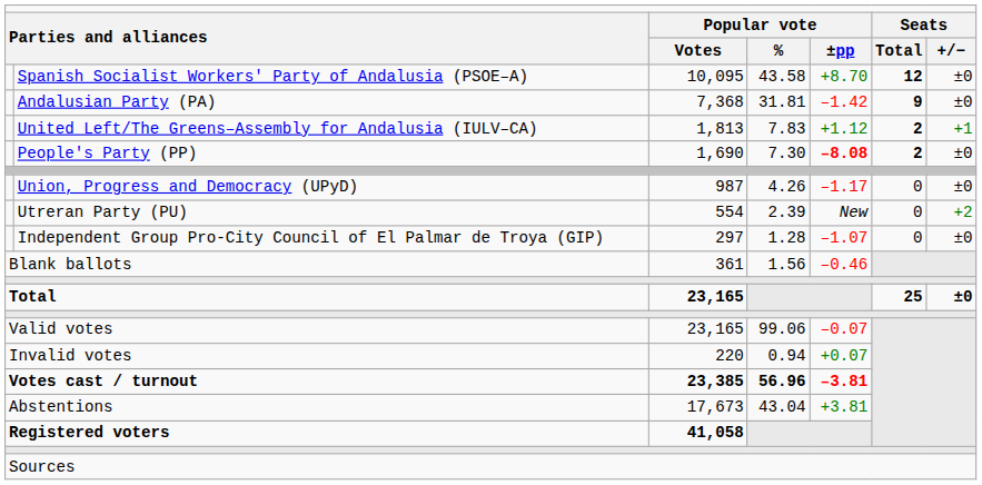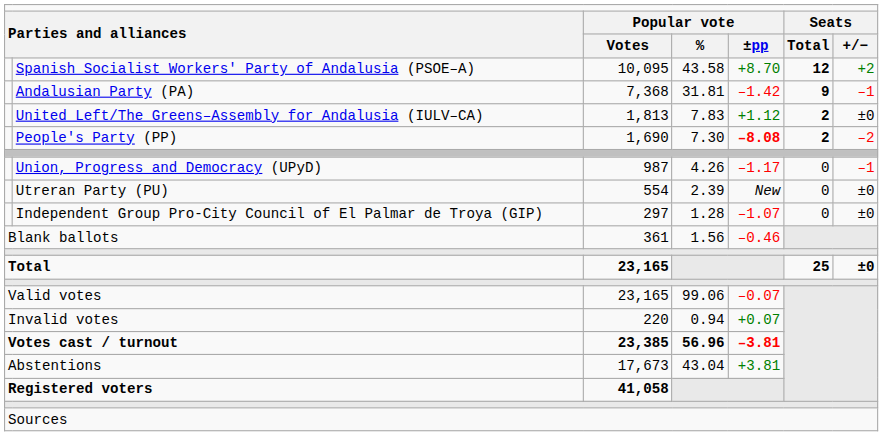 <table class="wikitable" style="text-align:right;">
 <tr>
 <td colspan="7"></td>
 </tr>
 <tr>
 <th style="text-align:left;" rowspan="2" colspan="2" width="525">Parties and alliances</th>
 <th colspan="3">Popular vote</th>
 <th colspan="2">Seats</th>
 </tr>
 <tr>
 <th width="75">Votes</th>
 <th width="45">%</th>
 <th width="45">±<a href='#'>pp</a></th>
 <th width="35">Total</th>
 <th width="35">+/−</th>
 </tr>
 <tr>
 <td width="1" style="color:inherit;background:"></td>
 <td align="left"><a href='#'>Spanish Socialist Workers' Party of Andalusia</a> (PSOE–A)</td>
 <td>10,095</td>
 <td>43.58</td>
 <td style="color:green;">+8.70</td>
 <td><strong>12</strong></td>
-<td>±0</td>
+<td style="color:green;">+2</td>
 </tr>
 <tr>
 <td style="color:inherit;background:"></td>
 <td align="left"><a href='#'>Andalusian Party</a> (PA)</td>
 <td>7,368</td>
 <td>31.81</td>
 <td style="color:red;">–1.42</td>
 <td><strong>9</strong></td>
-<td>±0</td>
+<td style="color:red;">–1</td>
 </tr>
 <tr>
 <td style="color:inherit;background:"></td>
 <td align="left"><a href='#'>United Left/The Greens–Assembly for Andalusia</a> (IULV–CA)</td>
 <td>1,813</td>
 <td>7.83</td>
 <td style="color:green;">+1.12</td>
 <td><strong>2</strong></td>
-<td style="color:green;">+1</td>
+<td>±0</td>
 </tr>
 <tr>
 <td style="color:inherit;background:"></td>
 <td align="left"><a href='#'>People's Party</a> (PP)</td>
 <td>1,690</td>
 <td>7.30</td>
 <td style="color:red;"><strong>–8.08</strong></td>
 <td><strong>2</strong></td>
-<td>±0</td>
+<td style="color:red;">–2</td>
 </tr>
 <tr>
 <td colspan="7" bgcolor="#C0C0C0"></td>
 </tr>
 <tr>
 <td style="color:inherit;background:"></td>
 <td align="left"><a href='#'>Union, Progress and Democracy</a> (UPyD)</td>
 <td>987</td>
 <td>4.26</td>
 <td style="color:red;">–1.17</td>
 <td>0</td>
-<td>±0</td>
+<td style="color:red;">–1</td>
 </tr>
 <tr>
 <td style="color:inherit;background:"></td>
 <td align="left">Utreran Party (PU)</td>
 <td>554</td>
 <td>2.39</td>
 <td><em>New</em></td>
 <td>0</td>
-<td style="color:green;">+2</td>
+<td>±0</td>
 </tr>
 <tr>
 <td style="color:inherit;background:"></td>
 <td align="left">Independent Group Pro-City Council of El Palmar de Troya (GIP)</td>
 <td>297</td>
 <td>1.28</td>
 <td style="color:red;">–1.07</td>
 <td>0</td>
 <td>±0</td>
 </tr>
 <tr>
 <td align="left" colspan="2">Blank ballots</td>
 <td>361</td>
 <td>1.56</td>
 <td style="color:red;">–0.46</td>
 <td bgcolor="#E9E9E9" colspan="2"></td>
 </tr>
 <tr>
 <td colspan="7" bgcolor="#E9E9E9"></td>
 </tr>
 <tr style="font-weight:bold;">
 <td align="left" colspan="2">Total</td>
 <td>23,165</td>
 <td bgcolor="#E9E9E9" colspan="2"></td>
 <td>25</td>
 <td>±0</td>
 </tr>
 <tr>
 <td colspan="7" bgcolor="#E9E9E9"></td>
 </tr>
 <tr>
 <td align="left" colspan="2">Valid votes</td>
 <td>23,165</td>
 <td>99.06</td>
 <td style="color:red;">–0.07</td>
 <td bgcolor="#E9E9E9" colspan="2" rowspan="5"></td>
 </tr>
 <tr>
 <td align="left" colspan="2">Invalid votes</td>
 <td>220</td>
 <td>0.94</td>
 <td style="color:green;">+0.07</td>
 </tr>
 <tr style="font-weight:bold;">
 <td align="left" colspan="2">Votes cast / turnout</td>
 <td>23,385</td>
 <td>56.96</td>
 <td style="color:red;">–3.81</td>
 </tr>
 <tr>
 <td align="left" colspan="2">Abstentions</td>
 <td>17,673</td>
 <td>43.04</td>
 <td style="color:green;">+3.81</td>
 </tr>
 <tr style="font-weight:bold;">
 <td align="left" colspan="2">Registered voters</td>
 <td>41,058</td>
 <td bgcolor="#E9E9E9" colspan="2"></td>
 </tr>
 <tr>
 <td colspan="7" bgcolor="#E9E9E9"></td>
 </tr>
 <tr>
 <td align="left" colspan="7">Sources</td>
 </tr>
 </table>
